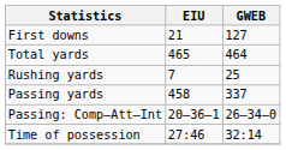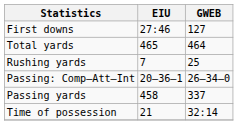 <table class="wikitable" style="float: left;">
 <tr>
 <th>Statistics</th>
 <th>EIU</th>
 <th>GWEB</th>
 </tr>
 <tr>
 <td>First downs</td>
-<td>21</td>
+<td>27:46</td>
 <td>127</td>
 </tr>
 <tr>
 <td>Total yards</td>
 <td>465</td>
 <td>464</td>
 </tr>
 <tr>
 <td>Rushing yards</td>
 <td>7</td>
 <td>25</td>
 </tr>
 <tr>
+<td>Passing: Comp–Att–Int</td>
+<td>20–36–1</td>
+<td>26–34–0</td>
+</tr>
+<tr>
 <td>Passing yards</td>
 <td>458</td>
 <td>337</td>
 </tr>
 <tr>
-<td>Passing: Comp–Att–Int</td>
-<td>20–36–1</td>
-<td>26–34–0</td>
-</tr>
-<tr>
 <td>Time of possession</td>
-<td>27:46</td>
+<td>21</td>
 <td>32:14</td>
 </tr>
 <tr>
 </tr>
 </table>
